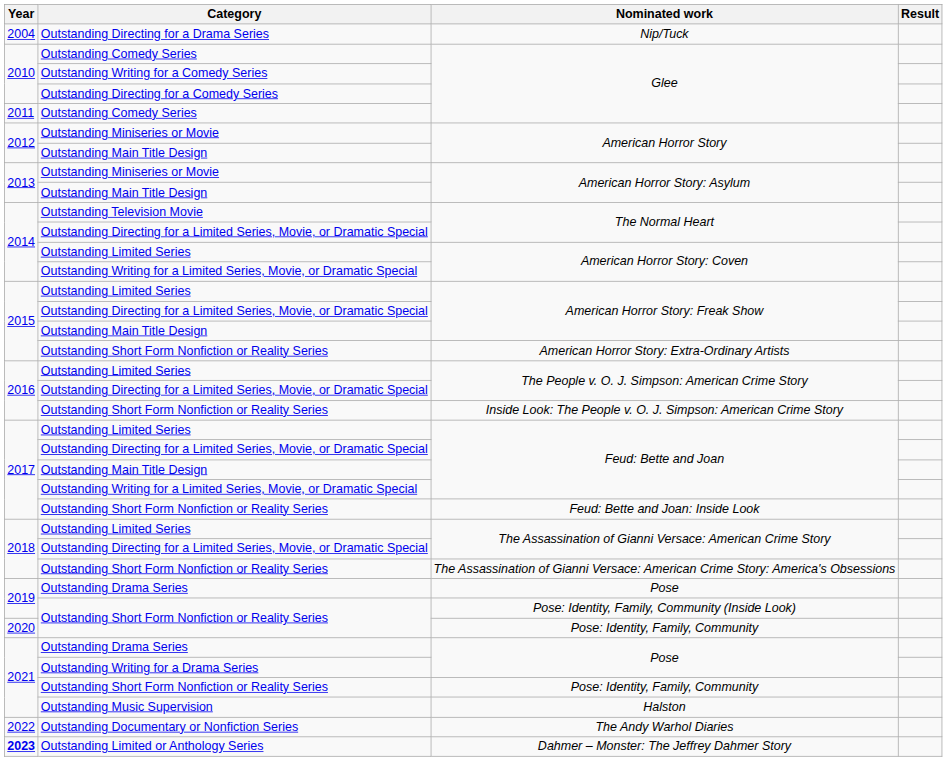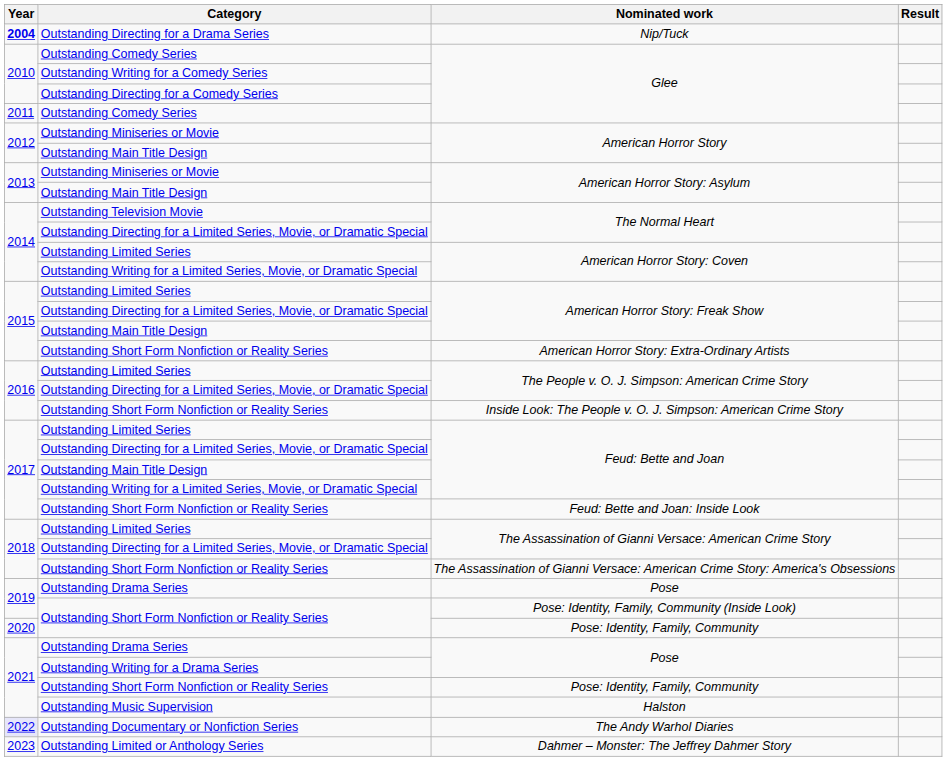 <table class="wikitable sortable">
 <tr>
 <th>Year</th>
 <th>Category</th>
 <th>Nominated work</th>
 <th>Result</th>
 </tr>
 <tr>
-<td><a href='#'>2004</a></td>
+<td><strong><a href='#'>2004</a></strong></td>
 <td><a href='#'>Outstanding Directing for a Drama Series</a></td>
 <td style="text-align:center;"><em>Nip/Tuck</em></td>
 <td></td>
 </tr>
 <tr>
 <td rowspan="3"><a href='#'>2010</a></td>
 <td><a href='#'>Outstanding Comedy Series</a></td>
 <td rowspan="4" style="text-align:center;"><em>Glee</em></td>
 <td></td>
 </tr>
 <tr>
 <td><a href='#'>Outstanding Writing for a Comedy Series</a></td>
 <td></td>
 </tr>
 <tr>
 <td><a href='#'>Outstanding Directing for a Comedy Series</a></td>
 <td></td>
 </tr>
 <tr>
 <td><a href='#'>2011</a></td>
 <td><a href='#'>Outstanding Comedy Series</a></td>
 <td></td>
 </tr>
 <tr>
 <td rowspan="2"><a href='#'>2012</a></td>
 <td><a href='#'>Outstanding Miniseries or Movie</a></td>
 <td rowspan="2" style="text-align:center;"><em>American Horror Story</em></td>
 <td></td>
 </tr>
 <tr>
 <td><a href='#'>Outstanding Main Title Design</a></td>
 <td></td>
 </tr>
 <tr>
 <td rowspan="2"><a href='#'>2013</a></td>
 <td><a href='#'>Outstanding Miniseries or Movie</a></td>
 <td rowspan="2" style="text-align:center;"><em>American Horror Story: Asylum</em></td>
 <td></td>
 </tr>
 <tr>
 <td><a href='#'>Outstanding Main Title Design</a></td>
 <td></td>
 </tr>
 <tr>
 <td rowspan="4"><a href='#'>2014</a></td>
 <td><a href='#'>Outstanding Television Movie</a></td>
 <td rowspan="2" style="text-align:center;"><em>The Normal Heart</em></td>
 <td></td>
 </tr>
 <tr>
 <td><a href='#'>Outstanding Directing for a Limited Series, Movie, or Dramatic Special</a></td>
 <td></td>
 </tr>
 <tr>
 <td><a href='#'>Outstanding Limited Series</a></td>
 <td rowspan="2" style="text-align:center;"><em>American Horror Story: Coven</em></td>
 <td></td>
 </tr>
 <tr>
 <td><a href='#'>Outstanding Writing for a Limited Series, Movie, or Dramatic Special</a></td>
 <td></td>
 </tr>
 <tr>
 <td rowspan="4"><a href='#'>2015</a></td>
 <td><a href='#'>Outstanding Limited Series</a></td>
 <td rowspan="3" style="text-align:center;"><em>American Horror Story: Freak Show</em></td>
 <td></td>
 </tr>
 <tr>
 <td><a href='#'>Outstanding Directing for a Limited Series, Movie, or Dramatic Special</a></td>
 <td></td>
 </tr>
 <tr>
 <td><a href='#'>Outstanding Main Title Design</a></td>
 <td></td>
 </tr>
 <tr>
 <td><a href='#'>Outstanding Short Form Nonfiction or Reality Series</a></td>
 <td style="text-align:center;"><em>American Horror Story: Extra-Ordinary Artists</em></td>
 <td></td>
 </tr>
 <tr>
 <td rowspan="3"><a href='#'>2016</a></td>
 <td><a href='#'>Outstanding Limited Series</a></td>
 <td rowspan="2" style="text-align:center;"><em>The People v. O. J. Simpson: American Crime Story</em></td>
 <td></td>
 </tr>
 <tr>
 <td><a href='#'>Outstanding Directing for a Limited Series, Movie, or Dramatic Special</a></td>
 <td></td>
 </tr>
 <tr>
 <td><a href='#'>Outstanding Short Form Nonfiction or Reality Series</a></td>
 <td style="text-align:center;"><em>Inside Look: The People v. O. J. Simpson: American Crime Story</em></td>
 <td></td>
 </tr>
 <tr>
 <td rowspan="5"><a href='#'>2017</a></td>
 <td><a href='#'>Outstanding Limited Series</a></td>
 <td rowspan="4" style="text-align:center;"><em>Feud: Bette and Joan</em></td>
 <td></td>
 </tr>
 <tr>
 <td><a href='#'>Outstanding Directing for a Limited Series, Movie, or Dramatic Special</a></td>
 <td></td>
 </tr>
 <tr>
 <td><a href='#'>Outstanding Main Title Design</a></td>
 <td></td>
 </tr>
 <tr>
 <td><a href='#'>Outstanding Writing for a Limited Series, Movie, or Dramatic Special</a></td>
 <td></td>
 </tr>
 <tr>
 <td><a href='#'>Outstanding Short Form Nonfiction or Reality Series</a></td>
 <td style="text-align:center;"><em>Feud: Bette and Joan: Inside Look</em></td>
 <td></td>
 </tr>
 <tr>
 <td rowspan="3"><a href='#'>2018</a></td>
 <td><a href='#'>Outstanding Limited Series</a></td>
 <td rowspan="2" style="text-align:center;"><em>The Assassination of Gianni Versace: American Crime Story</em></td>
 <td></td>
 </tr>
 <tr>
 <td><a href='#'>Outstanding Directing for a Limited Series, Movie, or Dramatic Special</a></td>
 <td></td>
 </tr>
 <tr>
 <td><a href='#'>Outstanding Short Form Nonfiction or Reality Series</a></td>
 <td style="text-align:center;"><em>The Assassination of Gianni Versace: American Crime Story: America's Obsessions</em></td>
 <td></td>
 </tr>
 <tr>
 <td rowspan="2"><a href='#'>2019</a></td>
 <td><a href='#'>Outstanding Drama Series</a></td>
 <td style="text-align:center;"><em>Pose</em></td>
 <td></td>
 </tr>
 <tr>
 <td rowspan="2"><a href='#'>Outstanding Short Form Nonfiction or Reality Series</a></td>
 <td style="text-align:center;"><em>Pose: Identity, Family, Community (Inside Look)</em></td>
 <td></td>
 </tr>
 <tr>
 <td><a href='#'>2020</a></td>
 <td style="text-align:center;"><em>Pose: Identity, Family, Community</em></td>
 <td></td>
 </tr>
 <tr>
 <td rowspan="4"><a href='#'>2021</a></td>
 <td><a href='#'>Outstanding Drama Series</a></td>
 <td rowspan="2" style="text-align:center;"><em>Pose</em></td>
 <td></td>
 </tr>
 <tr>
 <td><a href='#'>Outstanding Writing for a Drama Series</a></td>
 <td></td>
 </tr>
 <tr>
 <td><a href='#'>Outstanding Short Form Nonfiction or Reality Series</a></td>
 <td style="text-align:center;"><em>Pose: Identity, Family, Community </em></td>
 <td></td>
 </tr>
 <tr>
 <td><a href='#'>Outstanding Music Supervision</a></td>
 <td style="text-align:center;"><em>Halston</em></td>
 <td></td>
 </tr>
 <tr>
-<td><a href='#'>2022</a></td>
+<td style="background: lavender;"><a href='#'>2022</a></td>
 <td><a href='#'>Outstanding Documentary or Nonfiction Series</a></td>
 <td style="text-align:center;"><em>The Andy Warhol Diaries</em></td>
 <td></td>
 </tr>
 <tr>
-<td><strong><a href='#'>2023</a></strong></td>
+<td><a href='#'>2023</a></td>
 <td><a href='#'>Outstanding Limited or Anthology Series</a></td>
 <td style="text-align:center;"><em>Dahmer – Monster: The Jeffrey Dahmer Story</em></td>
 <td></td>
 </tr>
 </table>
